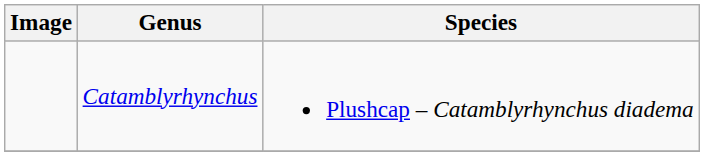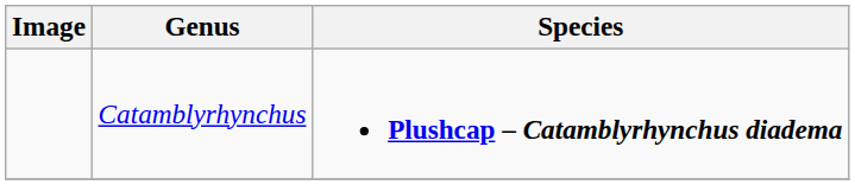 <table class="wikitable">
 <tr>
 <th>Image</th>
 <th>Genus</th>
 <th>Species</th>
 </tr>
 <tr>
 <td></td>
 <td><em><a href='#'>Catamblyrhynchus</a></em> </td>
-<td><br><ul><li><a href='#'>Plushcap</a> – <em>Catamblyrhynchus diadema</em></li></ul></td>
+<td><strong><br><ul><li><a href='#'>Plushcap</a> – <em>Catamblyrhynchus diadema</em></li></ul></strong></td>
 </tr>
 <tr>
 </tr>
 </table>
